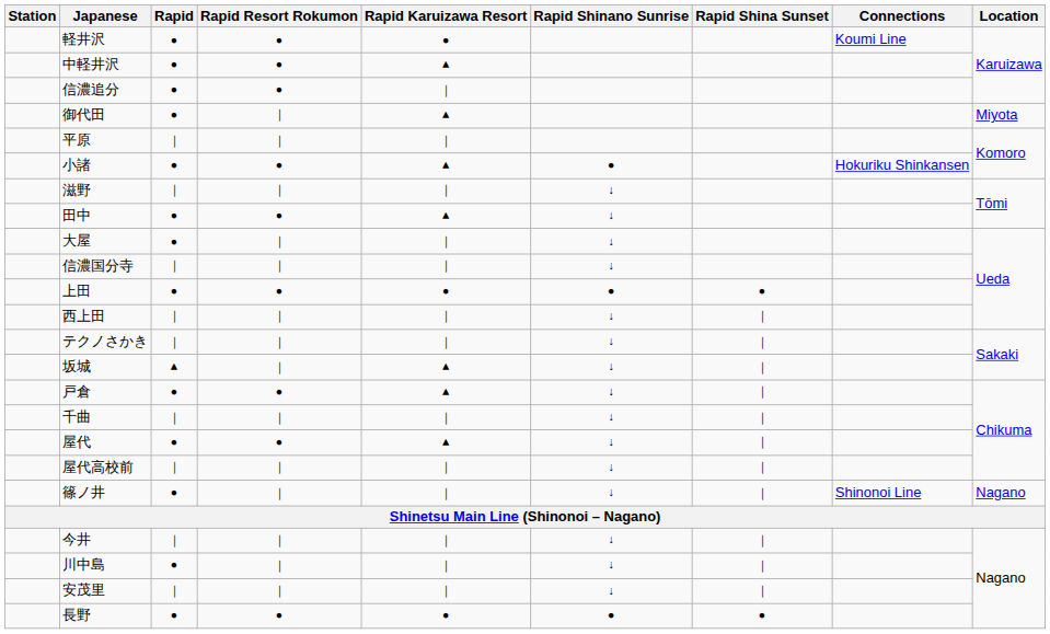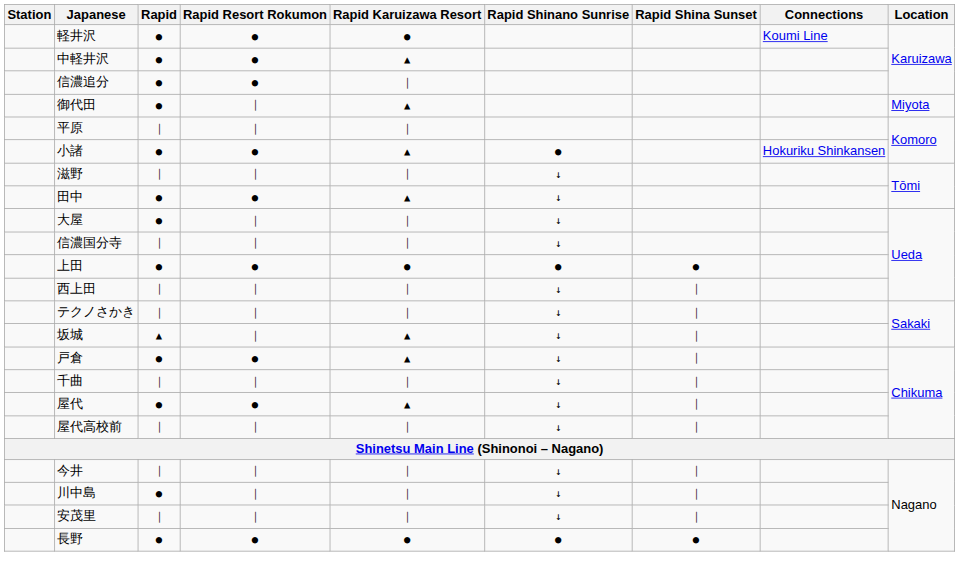 <table class="wikitable">
 <tr>
 <th>Station</th>
 <th>Japanese</th>
 <th>Rapid</th>
 <th>Rapid Resort Rokumon</th>
 <th>Rapid Karuizawa Resort</th>
 <th>Rapid Shinano Sunrise</th>
 <th>Rapid Shina Sunset</th>
 <th>Connections</th>
 <th>Location</th>
 </tr>
 <tr>
 <td></td>
 <td>軽井沢</td>
 <td style="text-align: center; font-family: monospace; white-space: nowrap;">●</td>
 <td style="text-align: center; font-family: monospace; white-space: nowrap;">●</td>
 <td style="text-align: center; font-family: monospace; white-space: nowrap;">●</td>
 <td></td>
 <td></td>
 <td> <a href='#'>Koumi Line</a></td>
 <td rowspan="3"><a href='#'>Karuizawa</a></td>
 </tr>
 <tr>
 <td></td>
 <td>中軽井沢</td>
 <td style="text-align: center; font-family: monospace; white-space: nowrap;">●</td>
 <td style="text-align: center; font-family: monospace; white-space: nowrap;">●</td>
 <td style="text-align: center; font-family: monospace; white-space: nowrap;">▲</td>
 <td></td>
 <td></td>
 <td></td>
 </tr>
 <tr>
 <td></td>
 <td>信濃追分</td>
 <td style="text-align: center; font-family: monospace; white-space: nowrap;">●</td>
 <td style="text-align: center; font-family: monospace; white-space: nowrap;">●</td>
 <td style="text-align: center; font-family: monospace; white-space: nowrap;">｜</td>
 <td></td>
 <td></td>
 <td></td>
 </tr>
 <tr>
 <td></td>
 <td>御代田</td>
 <td style="text-align: center; font-family: monospace; white-space: nowrap;">●</td>
 <td style="text-align: center; font-family: monospace; white-space: nowrap;">｜</td>
 <td style="text-align: center; font-family: monospace; white-space: nowrap;">▲</td>
 <td></td>
 <td></td>
 <td></td>
 <td><a href='#'>Miyota</a></td>
 </tr>
 <tr>
 <td></td>
 <td>平原</td>
 <td style="text-align: center; font-family: monospace; white-space: nowrap;">｜</td>
 <td style="text-align: center; font-family: monospace; white-space: nowrap;">｜</td>
 <td style="text-align: center; font-family: monospace; white-space: nowrap;">｜</td>
 <td></td>
 <td></td>
 <td></td>
 <td rowspan="2"><a href='#'>Komoro</a></td>
 </tr>
 <tr>
 <td></td>
 <td>小諸</td>
 <td style="text-align: center; font-family: monospace; white-space: nowrap;">●</td>
 <td style="text-align: center; font-family: monospace; white-space: nowrap;">●</td>
 <td style="text-align: center; font-family: monospace; white-space: nowrap;">▲</td>
 <td style="text-align: center; font-family: monospace; white-space: nowrap;">●</td>
 <td></td>
 <td> <a href='#'>Hokuriku Shinkansen</a></td>
 </tr>
 <tr>
 <td></td>
 <td>滋野</td>
 <td style="text-align: center; font-family: monospace; white-space: nowrap;">｜</td>
 <td style="text-align: center; font-family: monospace; white-space: nowrap;">｜</td>
 <td style="text-align: center; font-family: monospace; white-space: nowrap;">｜</td>
 <td style="text-align: center; font-family: monospace; white-space: nowrap;">↓</td>
 <td></td>
 <td></td>
 <td rowspan="2"><a href='#'>Tōmi</a></td>
 </tr>
 <tr>
 <td></td>
 <td>田中</td>
 <td style="text-align: center; font-family: monospace; white-space: nowrap;">●</td>
 <td style="text-align: center; font-family: monospace; white-space: nowrap;">●</td>
 <td style="text-align: center; font-family: monospace; white-space: nowrap;">▲</td>
 <td style="text-align: center; font-family: monospace; white-space: nowrap;">↓</td>
 <td></td>
 <td></td>
 </tr>
 <tr>
 <td></td>
 <td>大屋</td>
 <td style="text-align: center; font-family: monospace; white-space: nowrap;">●</td>
 <td style="text-align: center; font-family: monospace; white-space: nowrap;">｜</td>
 <td style="text-align: center; font-family: monospace; white-space: nowrap;">｜</td>
 <td style="text-align: center; font-family: monospace; white-space: nowrap;">↓</td>
 <td></td>
 <td></td>
 <td rowspan="4"><a href='#'>Ueda</a></td>
 </tr>
 <tr>
 <td></td>
 <td>信濃国分寺</td>
 <td style="text-align: center; font-family: monospace; white-space: nowrap;">｜</td>
 <td style="text-align: center; font-family: monospace; white-space: nowrap;">｜</td>
 <td style="text-align: center; font-family: monospace; white-space: nowrap;">｜</td>
 <td style="text-align: center; font-family: monospace; white-space: nowrap;">↓</td>
 <td></td>
 <td></td>
 </tr>
 <tr>
 <td></td>
 <td>上田</td>
 <td style="text-align: center; font-family: monospace; white-space: nowrap;">●</td>
 <td style="text-align: center; font-family: monospace; white-space: nowrap;">●</td>
 <td style="text-align: center; font-family: monospace; white-space: nowrap;">●</td>
 <td style="text-align: center; font-family: monospace; white-space: nowrap;">●</td>
 <td style="text-align: center; font-family: monospace; white-space: nowrap;">●</td>
 <td></td>
 </tr>
 <tr>
 <td></td>
 <td>西上田</td>
 <td style="text-align: center; font-family: monospace; white-space: nowrap;">｜</td>
 <td style="text-align: center; font-family: monospace; white-space: nowrap;">｜</td>
 <td style="text-align: center; font-family: monospace; white-space: nowrap;">｜</td>
 <td style="text-align: center; font-family: monospace; white-space: nowrap;">↓</td>
 <td style="text-align: center; font-family: monospace; white-space: nowrap;">｜</td>
 <td></td>
 </tr>
 <tr>
 <td></td>
 <td>テクノさかき</td>
 <td style="text-align: center; font-family: monospace; white-space: nowrap;">｜</td>
 <td style="text-align: center; font-family: monospace; white-space: nowrap;">｜</td>
 <td style="text-align: center; font-family: monospace; white-space: nowrap;">｜</td>
 <td style="text-align: center; font-family: monospace; white-space: nowrap;">↓</td>
 <td style="text-align: center; font-family: monospace; white-space: nowrap;">｜</td>
 <td></td>
 <td rowspan="2"><a href='#'>Sakaki</a></td>
 </tr>
 <tr>
 <td></td>
 <td>坂城</td>
 <td style="text-align: center; font-family: monospace; white-space: nowrap;">▲</td>
 <td style="text-align: center; font-family: monospace; white-space: nowrap;">｜</td>
 <td style="text-align: center; font-family: monospace; white-space: nowrap;">▲</td>
 <td style="text-align: center; font-family: monospace; white-space: nowrap;">↓</td>
 <td style="text-align: center; font-family: monospace; white-space: nowrap;">｜</td>
 <td></td>
 </tr>
 <tr>
 <td></td>
 <td>戸倉</td>
 <td style="text-align: center; font-family: monospace; white-space: nowrap;">●</td>
 <td style="text-align: center; font-family: monospace; white-space: nowrap;">●</td>
 <td style="text-align: center; font-family: monospace; white-space: nowrap;">▲</td>
 <td style="text-align: center; font-family: monospace; white-space: nowrap;">↓</td>
 <td style="text-align: center; font-family: monospace; white-space: nowrap;">｜</td>
 <td></td>
 <td rowspan=4><a href='#'>Chikuma</a></td>
 </tr>
 <tr>
 <td></td>
 <td>千曲</td>
 <td style="text-align: center; font-family: monospace; white-space: nowrap;">｜</td>
 <td style="text-align: center; font-family: monospace; white-space: nowrap;">｜</td>
 <td style="text-align: center; font-family: monospace; white-space: nowrap;">｜</td>
 <td style="text-align: center; font-family: monospace; white-space: nowrap;">↓</td>
 <td style="text-align: center; font-family: monospace; white-space: nowrap;">｜</td>
 <td></td>
 </tr>
 <tr>
 <td></td>
 <td>屋代</td>
 <td style="text-align: center; font-family: monospace; white-space: nowrap;">●</td>
 <td style="text-align: center; font-family: monospace; white-space: nowrap;">●</td>
 <td style="text-align: center; font-family: monospace; white-space: nowrap;">▲</td>
 <td style="text-align: center; font-family: monospace; white-space: nowrap;">↓</td>
 <td style="text-align: center; font-family: monospace; white-space: nowrap;">｜</td>
 <td></td>
 </tr>
 <tr>
 <td></td>
 <td>屋代高校前</td>
 <td style="text-align: center; font-family: monospace; white-space: nowrap;">｜</td>
 <td style="text-align: center; font-family: monospace; white-space: nowrap;">｜</td>
 <td style="text-align: center; font-family: monospace; white-space: nowrap;">｜</td>
 <td style="text-align: center; font-family: monospace; white-space: nowrap;">↓</td>
 <td style="text-align: center; font-family: monospace; white-space: nowrap;">｜</td>
 <td></td>
 </tr>
 <tr>
-<td></td>
-<td>篠ノ井</td>
-<td style="text-align: center; font-family: monospace; white-space: nowrap;">●</td>
-<td style="text-align: center; font-family: monospace; white-space: nowrap;">｜</td>
-<td style="text-align: center; font-family: monospace; white-space: nowrap;">｜</td>
-<td style="text-align: center; font-family: monospace; white-space: nowrap;">↓</td>
-<td style="text-align: center; font-family: monospace; white-space: nowrap;">｜</td>
-<td> <a href='#'>Shinonoi Line</a></td>
-<td><a href='#'>Nagano</a></td>
-</tr>
-<tr>
 <th colspan="9"><a href='#'>Shinetsu Main Line</a> (Shinonoi – Nagano)</th>
 </tr>
 <tr>
 <td></td>
 <td>今井</td>
 <td style="text-align: center; font-family: monospace; white-space: nowrap;">｜</td>
 <td style="text-align: center; font-family: monospace; white-space: nowrap;">｜</td>
 <td style="text-align: center; font-family: monospace; white-space: nowrap;">｜</td>
 <td style="text-align: center; font-family: monospace; white-space: nowrap;">↓</td>
 <td style="text-align: center; font-family: monospace; white-space: nowrap;">｜</td>
 <td></td>
 <td rowspan="4">Nagano</td>
 </tr>
 <tr>
 <td></td>
 <td>川中島</td>
 <td style="text-align: center; font-family: monospace; white-space: nowrap;">●</td>
 <td style="text-align: center; font-family: monospace; white-space: nowrap;">｜</td>
 <td style="text-align: center; font-family: monospace; white-space: nowrap;">｜</td>
 <td style="text-align: center; font-family: monospace; white-space: nowrap;">↓</td>
 <td style="text-align: center; font-family: monospace; white-space: nowrap;">｜</td>
 <td></td>
 </tr>
 <tr>
 <td></td>
 <td>安茂里</td>
 <td style="text-align: center; font-family: monospace; white-space: nowrap;">｜</td>
 <td style="text-align: center; font-family: monospace; white-space: nowrap;">｜</td>
 <td style="text-align: center; font-family: monospace; white-space: nowrap;">｜</td>
 <td style="text-align: center; font-family: monospace; white-space: nowrap;">↓</td>
 <td style="text-align: center; font-family: monospace; white-space: nowrap;">｜</td>
 <td></td>
 </tr>
 <tr>
 <td></td>
 <td>長野</td>
 <td style="text-align: center; font-family: monospace; white-space: nowrap;">●</td>
 <td style="text-align: center; font-family: monospace; white-space: nowrap;">●</td>
 <td style="text-align: center; font-family: monospace; white-space: nowrap;">●</td>
 <td style="text-align: center; font-family: monospace; white-space: nowrap;">●</td>
 <td style="text-align: center; font-family: monospace; white-space: nowrap;">●</td>
 <td></td>
 </tr>
 </table>
